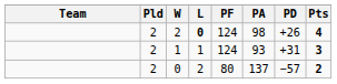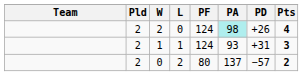 <table class=wikitable>
 <tr align=center>
 </tr>
 <tr>
 <th width=150>Team</th>
 <th width=20>Pld</th>
 <th width=20>W</th>
 <th width=20>L</th>
 <th width=30>PF</th>
 <th width=30>PA</th>
 <th width=30>PD</th>
 <th width=20>Pts</th>
 </tr>
 <tr align=center>
 <td align=left></td>
 <td>2</td>
 <td>2</td>
-<td><strong>0</strong></td>
+<td>0</td>
 <td>124</td>
-<td>98</td>
+<td style="background: paleturquoise;">98</td>
 <td>+26</td>
 <td><strong>4</strong></td>
 </tr>
 <tr align=center>
 <td align=left></td>
 <td>2</td>
 <td>1</td>
 <td>1</td>
 <td>124</td>
 <td>93</td>
 <td>+31</td>
 <td><strong>3</strong></td>
 </tr>
 <tr align=center>
 <td align=left></td>
 <td>2</td>
 <td>0</td>
 <td>2</td>
 <td>80</td>
 <td>137</td>
 <td>−57</td>
 <td><strong>2</strong></td>
 </tr>
 </table>
